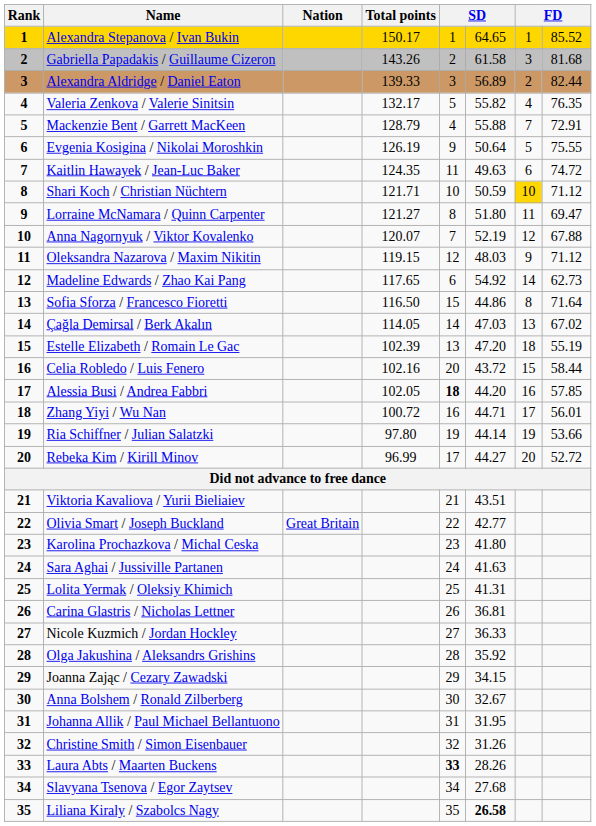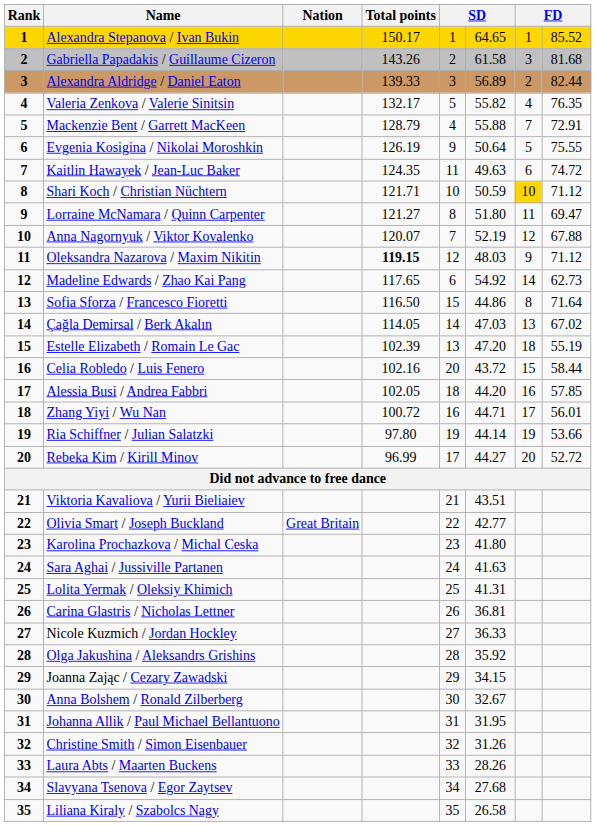 <table class="wikitable sortable">
 <tr>
 <th>Rank</th>
 <th>Name</th>
 <th>Nation</th>
 <th>Total points</th>
 <th colspan="2" width="80px"><a href='#'>SD</a></th>
 <th colspan="2" width="80px"><a href='#'>FD</a></th>
 </tr>
 <tr style="background-color: gold;">
 <td style="text-align: center;"><strong>1</strong></td>
 <td><a href='#'>Alexandra Stepanova</a> / <a href='#'>Ivan Bukin</a></td>
 <td></td>
 <td style="text-align: center;">150.17</td>
 <td style="text-align: center;">1</td>
 <td style="text-align: center;">64.65</td>
 <td style="text-align: center;">1</td>
 <td style="text-align: center;">85.52</td>
 </tr>
 <tr style="background-color: silver;">
 <td style="text-align: center;"><strong>2</strong></td>
 <td><a href='#'>Gabriella Papadakis</a> / <a href='#'>Guillaume Cizeron</a></td>
 <td></td>
 <td style="text-align: center;">143.26</td>
 <td style="text-align: center;">2</td>
 <td style="text-align: center;">61.58</td>
 <td style="text-align: center;">3</td>
 <td style="text-align: center;">81.68</td>
 </tr>
 <tr style="background-color: #cc9966;">
 <td style="text-align: center;"><strong>3</strong></td>
 <td><a href='#'>Alexandra Aldridge</a> / <a href='#'>Daniel Eaton</a></td>
 <td></td>
 <td style="text-align: center;">139.33</td>
 <td style="text-align: center;">3</td>
 <td style="text-align: center;">56.89</td>
 <td style="text-align: center;">2</td>
 <td style="text-align: center;">82.44</td>
 </tr>
 <tr>
 <td style="text-align: center;"><strong>4</strong></td>
 <td><a href='#'>Valeria Zenkova</a> / <a href='#'>Valerie Sinitsin</a></td>
 <td></td>
 <td style="text-align: center;">132.17</td>
 <td style="text-align: center;">5</td>
 <td style="text-align: center;">55.82</td>
 <td style="text-align: center;">4</td>
 <td style="text-align: center;">76.35</td>
 </tr>
 <tr>
 <td style="text-align: center;"><strong>5</strong></td>
 <td><a href='#'>Mackenzie Bent</a> / <a href='#'>Garrett MacKeen</a></td>
 <td></td>
 <td style="text-align: center;">128.79</td>
 <td style="text-align: center;">4</td>
 <td style="text-align: center;">55.88</td>
 <td style="text-align: center;">7</td>
 <td style="text-align: center;">72.91</td>
 </tr>
 <tr>
 <td style="text-align: center;"><strong>6</strong></td>
 <td><a href='#'>Evgenia Kosigina</a> / <a href='#'>Nikolai Moroshkin</a></td>
 <td></td>
 <td style="text-align: center;">126.19</td>
 <td style="text-align: center;">9</td>
 <td style="text-align: center;">50.64</td>
 <td style="text-align: center;">5</td>
 <td style="text-align: center;">75.55</td>
 </tr>
 <tr>
 <td style="text-align: center;"><strong>7</strong></td>
 <td><a href='#'>Kaitlin Hawayek</a> / <a href='#'>Jean-Luc Baker</a></td>
 <td></td>
 <td style="text-align: center;">124.35</td>
 <td style="text-align: center;">11</td>
 <td style="text-align: center;">49.63</td>
 <td style="text-align: center;">6</td>
 <td style="text-align: center;">74.72</td>
 </tr>
 <tr>
 <td style="text-align: center;"><strong>8</strong></td>
 <td><a href='#'>Shari Koch</a> / <a href='#'>Christian Nüchtern</a></td>
 <td></td>
 <td style="text-align: center;">121.71</td>
 <td style="text-align: center;">10</td>
 <td style="text-align: center;">50.59</td>
 <td style="background: gold; text-align: center;">10</td>
 <td style="text-align: center;">71.12</td>
 </tr>
 <tr>
 <td style="text-align: center;"><strong>9</strong></td>
 <td><a href='#'>Lorraine McNamara</a> / <a href='#'>Quinn Carpenter</a></td>
 <td></td>
 <td style="text-align: center;">121.27</td>
 <td style="text-align: center;">8</td>
 <td style="text-align: center;">51.80</td>
 <td style="text-align: center;">11</td>
 <td style="text-align: center;">69.47</td>
 </tr>
 <tr>
 <td style="text-align: center;"><strong>10</strong></td>
 <td><a href='#'>Anna Nagornyuk</a> / <a href='#'>Viktor Kovalenko</a></td>
 <td></td>
 <td style="text-align: center;">120.07</td>
 <td style="text-align: center;">7</td>
 <td style="text-align: center;">52.19</td>
 <td style="text-align: center;">12</td>
 <td style="text-align: center;">67.88</td>
 </tr>
 <tr>
 <td style="text-align: center;"><strong>11</strong></td>
 <td><a href='#'>Oleksandra Nazarova</a> / <a href='#'>Maxim Nikitin</a></td>
 <td></td>
-<td style="text-align: center;">119.15</td>
+<td style="text-align: center;"><strong>119.15</strong></td>
 <td style="text-align: center;">12</td>
 <td style="text-align: center;">48.03</td>
 <td style="text-align: center;">9</td>
 <td style="text-align: center;">71.12</td>
 </tr>
 <tr>
 <td style="text-align: center;"><strong>12</strong></td>
 <td><a href='#'>Madeline Edwards</a> / <a href='#'>Zhao Kai Pang</a></td>
 <td></td>
 <td style="text-align: center;">117.65</td>
 <td style="text-align: center;">6</td>
 <td style="text-align: center;">54.92</td>
 <td style="text-align: center;">14</td>
 <td style="text-align: center;">62.73</td>
 </tr>
 <tr>
 <td style="text-align: center;"><strong>13</strong></td>
 <td><a href='#'>Sofia Sforza</a> / <a href='#'>Francesco Fioretti</a></td>
 <td></td>
 <td style="text-align: center;">116.50</td>
 <td style="text-align: center;">15</td>
 <td style="text-align: center;">44.86</td>
 <td style="text-align: center;">8</td>
 <td style="text-align: center;">71.64</td>
 </tr>
 <tr>
 <td style="text-align: center;"><strong>14</strong></td>
 <td><a href='#'>Çağla Demirsal</a> / <a href='#'>Berk Akalın</a></td>
 <td></td>
 <td style="text-align: center;">114.05</td>
 <td style="text-align: center;">14</td>
 <td style="text-align: center;">47.03</td>
 <td style="text-align: center;">13</td>
 <td style="text-align: center;">67.02</td>
 </tr>
 <tr>
 <td style="text-align: center;"><strong>15</strong></td>
 <td><a href='#'>Estelle Elizabeth</a> / <a href='#'>Romain Le Gac</a></td>
 <td></td>
 <td style="text-align: center;">102.39</td>
 <td style="text-align: center;">13</td>
 <td style="text-align: center;">47.20</td>
 <td style="text-align: center;">18</td>
 <td style="text-align: center;">55.19</td>
 </tr>
 <tr>
 <td style="text-align: center;"><strong>16</strong></td>
 <td><a href='#'>Celia Robledo</a> / <a href='#'>Luis Fenero</a></td>
 <td></td>
 <td style="text-align: center;">102.16</td>
 <td style="text-align: center;">20</td>
 <td style="text-align: center;">43.72</td>
 <td style="text-align: center;">15</td>
 <td style="text-align: center;">58.44</td>
 </tr>
 <tr>
 <td style="text-align: center;"><strong>17</strong></td>
 <td><a href='#'>Alessia Busi</a> / <a href='#'>Andrea Fabbri</a></td>
 <td></td>
 <td style="text-align: center;">102.05</td>
-<td style="text-align: center;"><strong>18</strong></td>
+<td style="text-align: center;">18</td>
 <td style="text-align: center;">44.20</td>
 <td style="text-align: center;">16</td>
 <td style="text-align: center;">57.85</td>
 </tr>
 <tr>
 <td style="text-align: center;"><strong>18</strong></td>
 <td><a href='#'>Zhang Yiyi</a> / <a href='#'>Wu Nan</a></td>
 <td></td>
 <td style="text-align: center;">100.72</td>
 <td style="text-align: center;">16</td>
 <td style="text-align: center;">44.71</td>
 <td style="text-align: center;">17</td>
 <td style="text-align: center;">56.01</td>
 </tr>
 <tr>
 <td style="text-align: center;"><strong>19</strong></td>
 <td><a href='#'>Ria Schiffner</a> / <a href='#'>Julian Salatzki</a></td>
 <td></td>
 <td style="text-align: center;">97.80</td>
 <td style="text-align: center;">19</td>
 <td style="text-align: center;">44.14</td>
 <td style="text-align: center;">19</td>
 <td style="text-align: center;">53.66</td>
 </tr>
 <tr>
 <td style="text-align: center;"><strong>20</strong></td>
 <td><a href='#'>Rebeka Kim</a> / <a href='#'>Kirill Minov</a></td>
 <td></td>
 <td style="text-align: center;">96.99</td>
 <td style="text-align: center;">17</td>
 <td style="text-align: center;">44.27</td>
 <td style="text-align: center;">20</td>
 <td style="text-align: center;">52.72</td>
 </tr>
 <tr>
 <th colspan=10>Did not advance to free dance</th>
 </tr>
 <tr>
 <td style="text-align: center;"><strong>21</strong></td>
 <td><a href='#'>Viktoria Kavaliova</a> / <a href='#'>Yurii Bieliaiev</a></td>
 <td></td>
 <td style="text-align: center;"></td>
 <td style="text-align: center;">21</td>
 <td style="text-align: center;">43.51</td>
 <td style="text-align: center;"></td>
 <td style="text-align: center;"></td>
 </tr>
 <tr>
 <td style="text-align: center;"><strong>22</strong></td>
 <td><a href='#'>Olivia Smart</a> / <a href='#'>Joseph Buckland</a></td>
 <td> <a href='#'>Great Britain</a></td>
 <td style="text-align: center;"></td>
 <td style="text-align: center;">22</td>
 <td style="text-align: center;">42.77</td>
 <td style="text-align: center;"></td>
 <td style="text-align: center;"></td>
 </tr>
 <tr>
 <td style="text-align: center;"><strong>23</strong></td>
 <td><a href='#'>Karolina Prochazkova</a> / <a href='#'>Michal Ceska</a></td>
 <td></td>
 <td style="text-align: center;"></td>
 <td style="text-align: center;">23</td>
 <td style="text-align: center;">41.80</td>
 <td style="text-align: center;"></td>
 <td style="text-align: center;"></td>
 </tr>
 <tr>
 <td style="text-align: center;"><strong>24</strong></td>
 <td><a href='#'>Sara Aghai</a> / <a href='#'>Jussiville Partanen</a></td>
 <td></td>
 <td style="text-align: center;"></td>
 <td style="text-align: center;">24</td>
 <td style="text-align: center;">41.63</td>
 <td style="text-align: center;"></td>
 <td style="text-align: center;"></td>
 </tr>
 <tr>
 <td style="text-align: center;"><strong>25</strong></td>
 <td><a href='#'>Lolita Yermak</a> / <a href='#'>Oleksiy Khimich</a></td>
 <td></td>
 <td style="text-align: center;"></td>
 <td style="text-align: center;">25</td>
 <td style="text-align: center;">41.31</td>
 <td style="text-align: center;"></td>
 <td style="text-align: center;"></td>
 </tr>
 <tr>
 <td style="text-align: center;"><strong>26</strong></td>
 <td><a href='#'>Carina Glastris</a> / <a href='#'>Nicholas Lettner</a></td>
 <td></td>
 <td style="text-align: center;"></td>
 <td style="text-align: center;">26</td>
 <td style="text-align: center;">36.81</td>
 <td style="text-align: center;"></td>
 <td style="text-align: center;"></td>
 </tr>
 <tr>
 <td style="text-align: center;"><strong>27</strong></td>
 <td>Nicole Kuzmich / <a href='#'>Jordan Hockley</a></td>
 <td></td>
 <td style="text-align: center;"></td>
 <td style="text-align: center;">27</td>
 <td style="text-align: center;">36.33</td>
 <td style="text-align: center;"></td>
 <td style="text-align: center;"></td>
 </tr>
 <tr>
 <td style="text-align: center;"><strong>28</strong></td>
 <td><a href='#'>Olga Jakushina</a> / <a href='#'>Aleksandrs Grishins</a></td>
 <td></td>
 <td style="text-align: center;"></td>
 <td style="text-align: center;">28</td>
 <td style="text-align: center;">35.92</td>
 <td style="text-align: center;"></td>
 <td style="text-align: center;"></td>
 </tr>
 <tr>
 <td style="text-align: center;"><strong>29</strong></td>
 <td>Joanna Zając / <a href='#'>Cezary Zawadski</a></td>
 <td></td>
 <td style="text-align: center;"></td>
 <td style="text-align: center;">29</td>
 <td style="text-align: center;">34.15</td>
 <td style="text-align: center;"></td>
 <td style="text-align: center;"></td>
 </tr>
 <tr>
 <td style="text-align: center;"><strong>30</strong></td>
 <td><a href='#'>Anna Bolshem</a> / <a href='#'>Ronald Zilberberg</a></td>
 <td></td>
 <td style="text-align: center;"></td>
 <td style="text-align: center;">30</td>
 <td style="text-align: center;">32.67</td>
 <td style="text-align: center;"></td>
 <td style="text-align: center;"></td>
 </tr>
 <tr>
 <td style="text-align: center;"><strong>31</strong></td>
 <td><a href='#'>Johanna Allik</a> / <a href='#'>Paul Michael Bellantuono</a></td>
 <td></td>
 <td style="text-align: center;"></td>
 <td style="text-align: center;">31</td>
 <td style="text-align: center;">31.95</td>
 <td style="text-align: center;"></td>
 <td style="text-align: center;"></td>
 </tr>
 <tr>
 <td style="text-align: center;"><strong>32</strong></td>
 <td><a href='#'>Christine Smith</a> / <a href='#'>Simon Eisenbauer</a></td>
 <td></td>
 <td style="text-align: center;"></td>
 <td style="text-align: center;">32</td>
 <td style="text-align: center;">31.26</td>
 <td style="text-align: center;"></td>
 <td style="text-align: center;"></td>
 </tr>
 <tr>
 <td style="text-align: center;"><strong>33</strong></td>
 <td><a href='#'>Laura Abts</a> / <a href='#'>Maarten Buckens</a></td>
 <td></td>
 <td style="text-align: center;"></td>
-<td style="text-align: center;"><strong>33</strong></td>
+<td style="text-align: center;">33</td>
 <td style="text-align: center;">28.26</td>
 <td style="text-align: center;"></td>
 <td style="text-align: center;"></td>
 </tr>
 <tr>
 <td style="text-align: center;"><strong>34</strong></td>
 <td><a href='#'>Slavyana Tsenova</a> / <a href='#'>Egor Zaytsev</a></td>
 <td></td>
 <td style="text-align: center;"></td>
 <td style="text-align: center;">34</td>
 <td style="text-align: center;">27.68</td>
 <td style="text-align: center;"></td>
 <td style="text-align: center;"></td>
 </tr>
 <tr>
 <td style="text-align: center;"><strong>35</strong></td>
 <td><a href='#'>Liliana Kiraly</a> / <a href='#'>Szabolcs Nagy</a></td>
 <td></td>
 <td style="text-align: center;"></td>
 <td style="text-align: center;">35</td>
-<td style="text-align: center;"><strong>26.58</strong></td>
+<td style="text-align: center;">26.58</td>
 <td style="text-align: center;"></td>
 <td style="text-align: center;"></td>
 </tr>
 </table>
